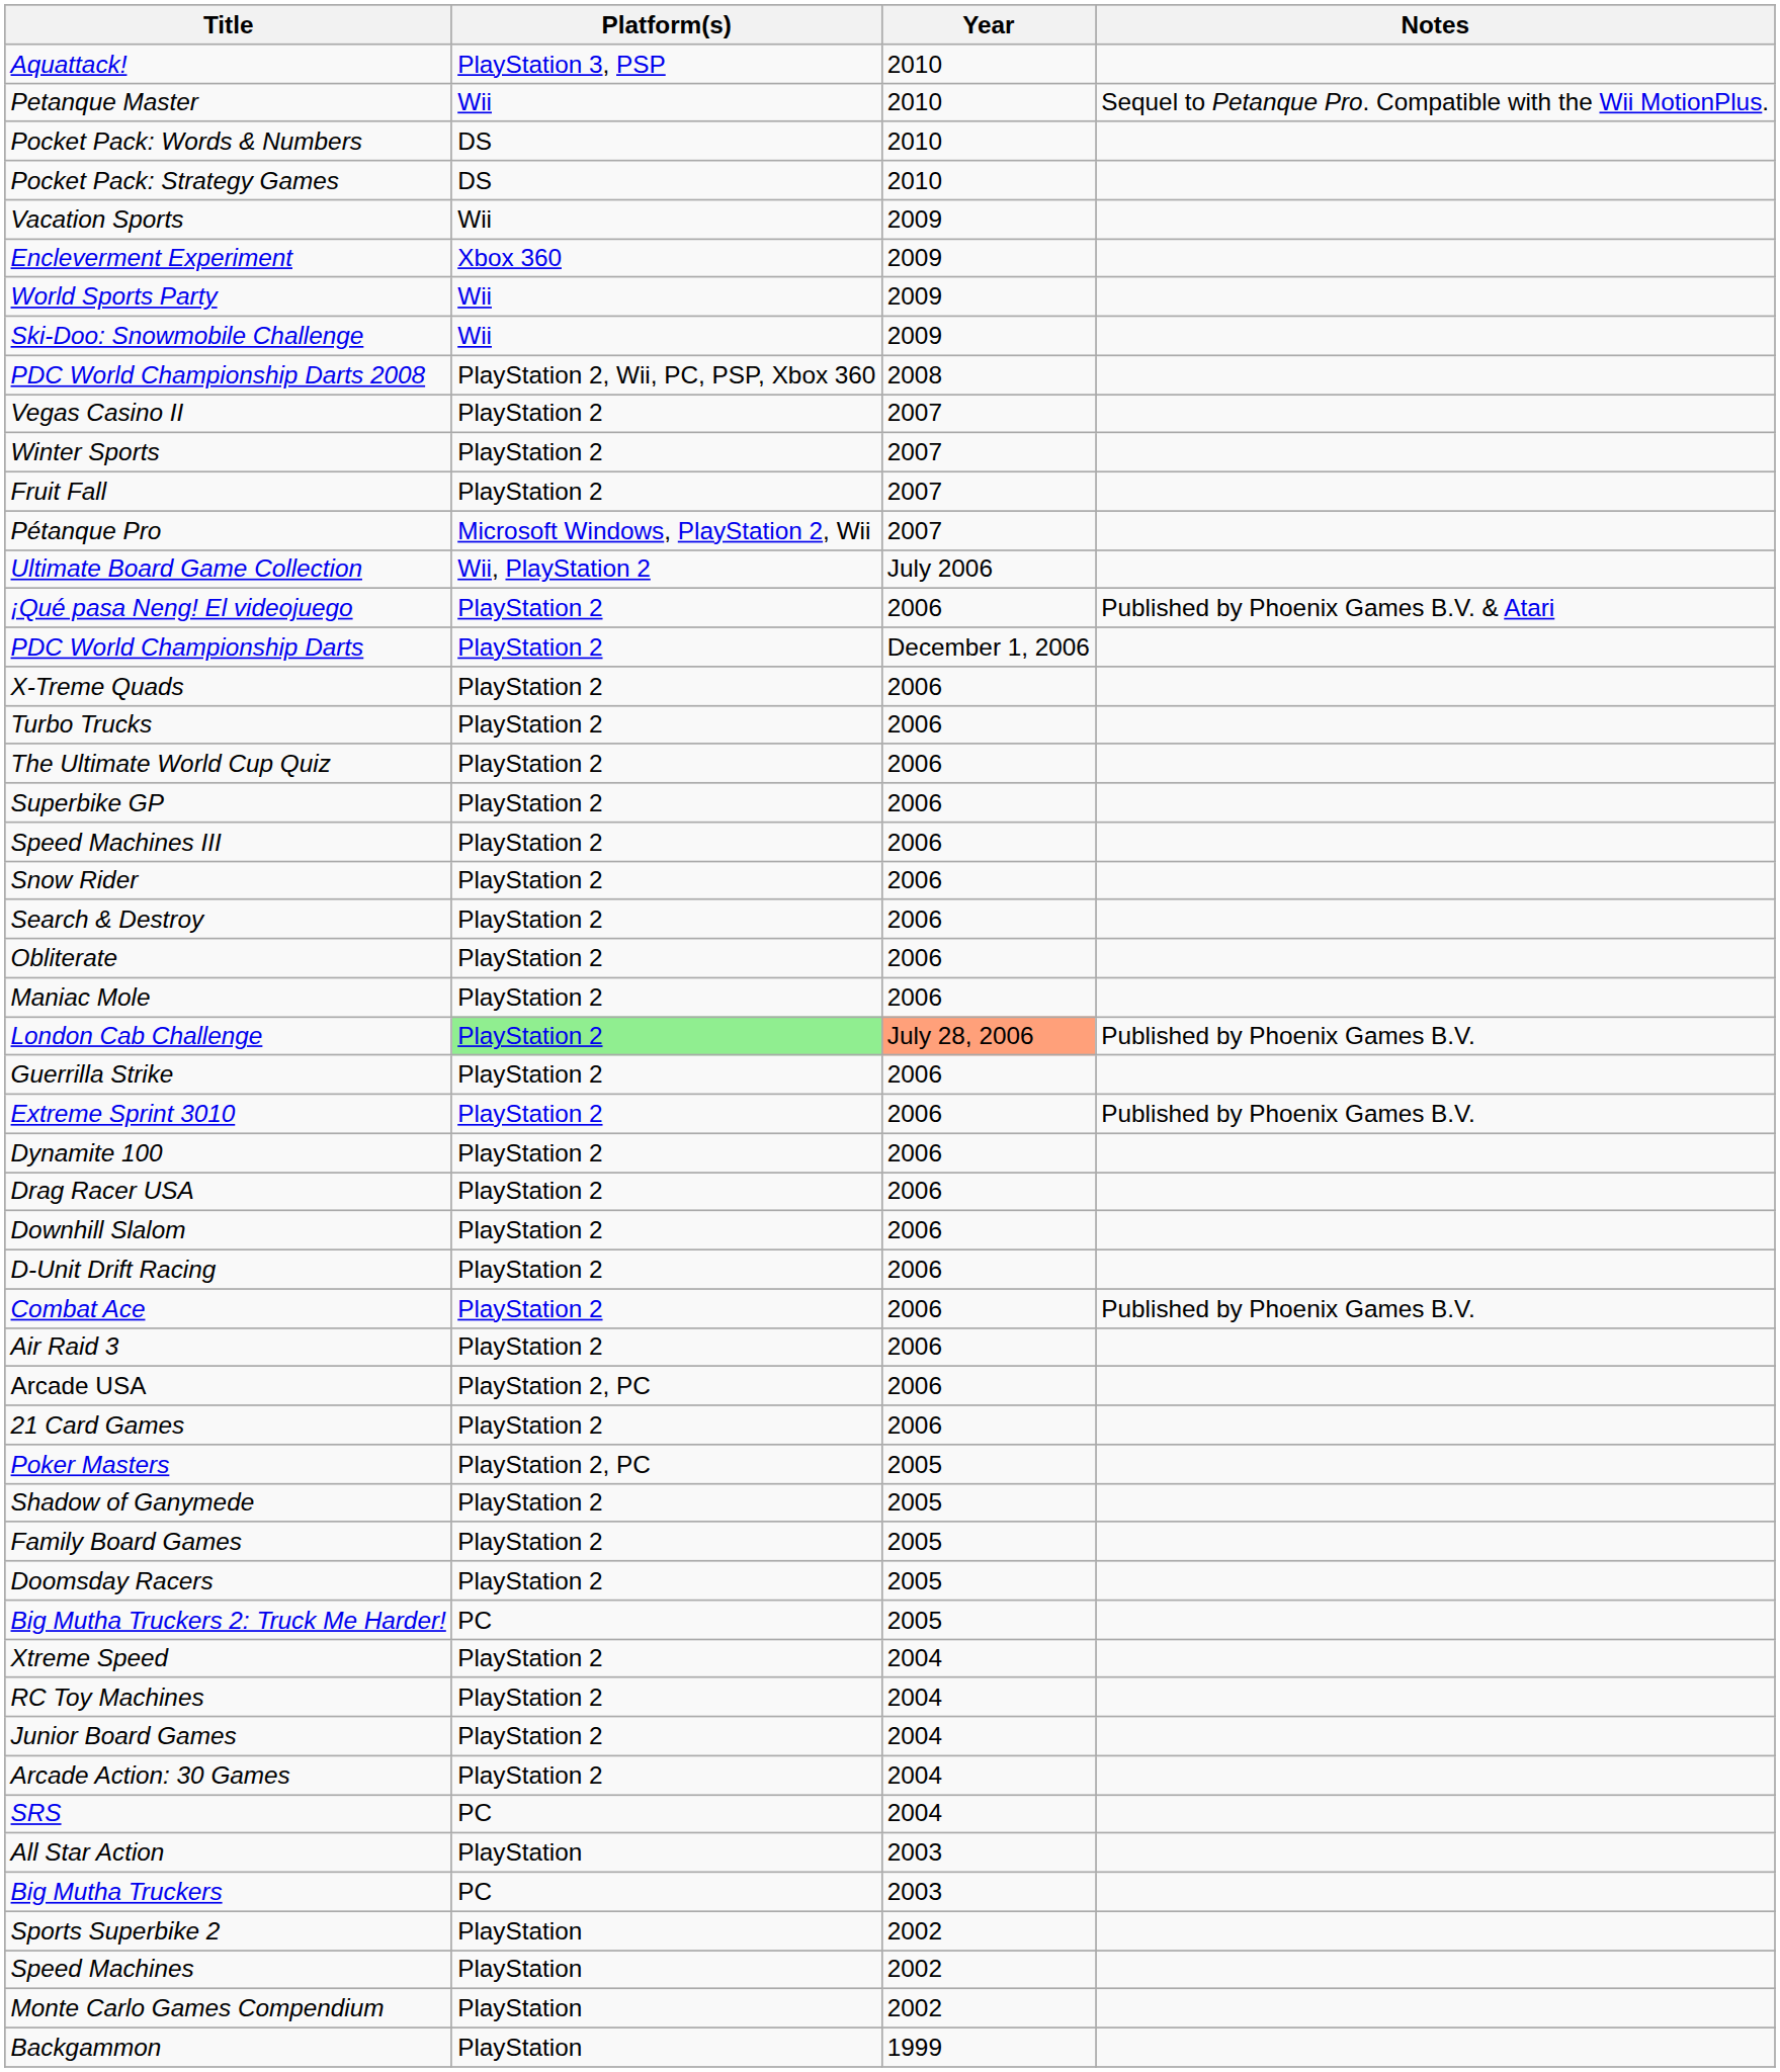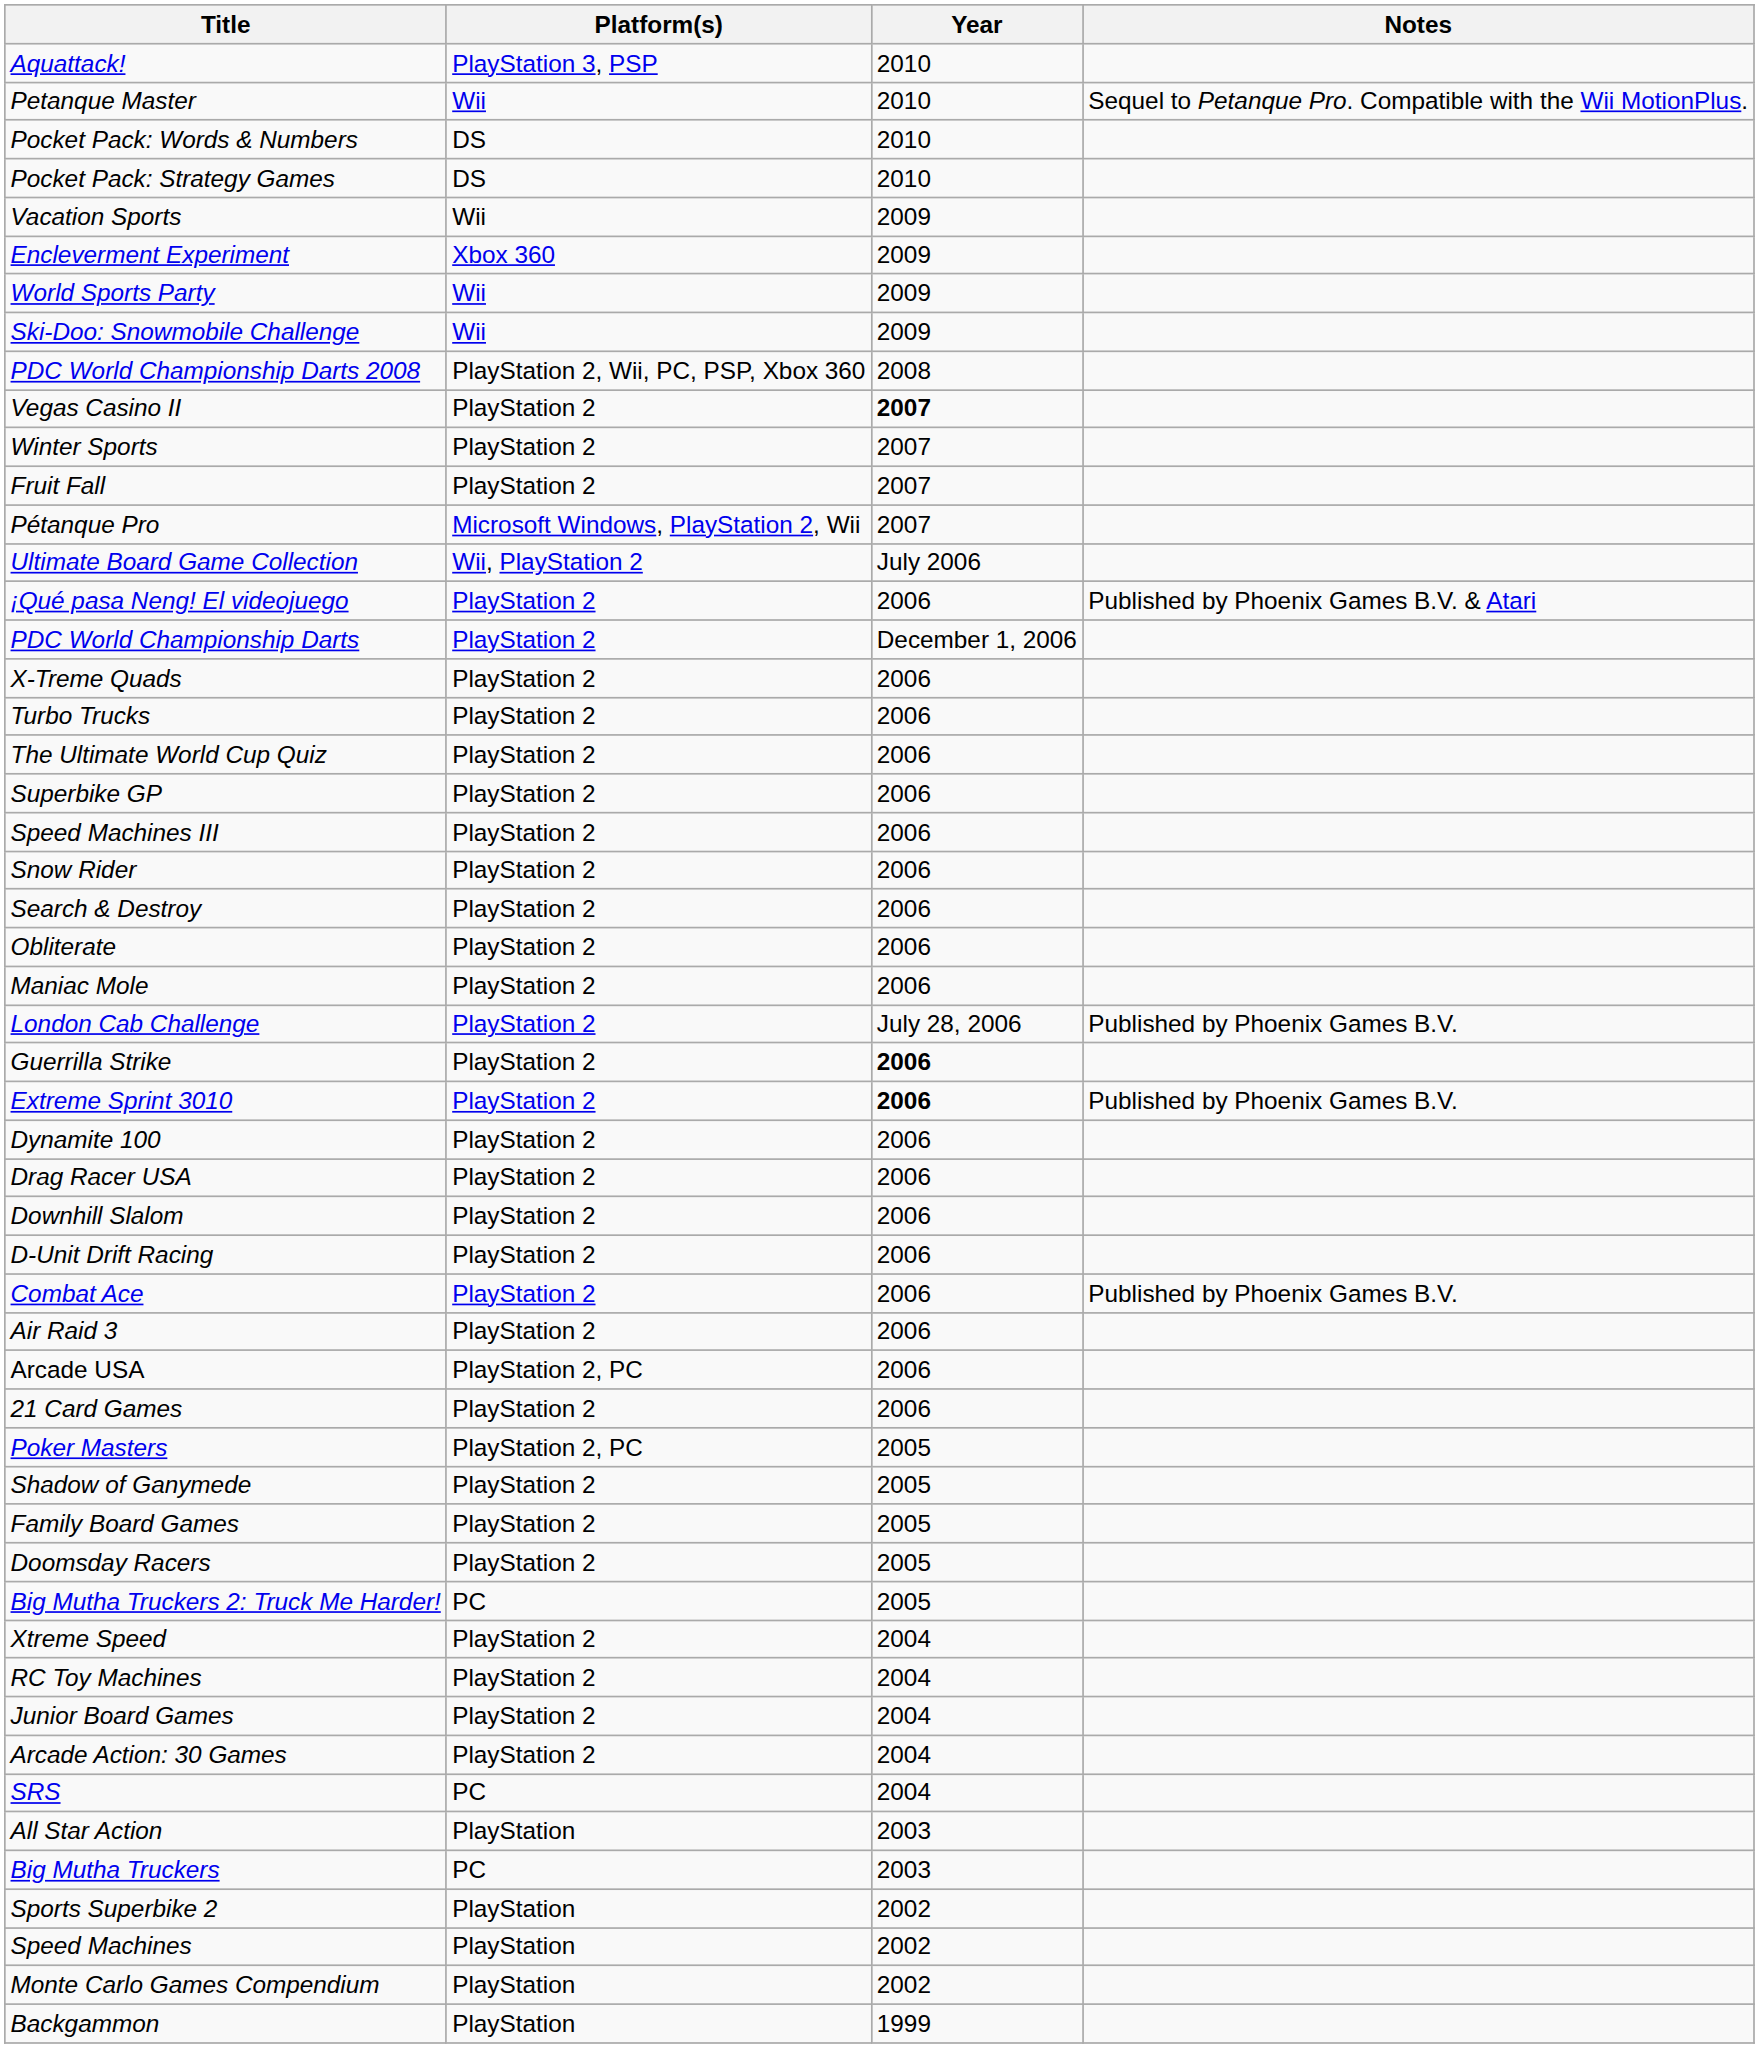 <table class="wikitable sortable" style="font-size: 90%;">
 <tr>
 <th>Title</th>
 <th>Platform(s)</th>
 <th>Year</th>
 <th>Notes</th>
 </tr>
 <tr>
 <td><em><a href='#'>Aquattack!</a></em></td>
 <td><a href='#'>PlayStation 3</a>, <a href='#'>PSP</a></td>
 <td>2010</td>
 <td></td>
 </tr>
 <tr>
 <td><em>Petanque Master</em></td>
 <td><a href='#'>Wii</a></td>
 <td>2010</td>
 <td>Sequel to <em>Petanque Pro</em>.  Compatible with the <a href='#'>Wii MotionPlus</a>.</td>
 </tr>
 <tr>
 <td><em>Pocket Pack: Words & Numbers</em></td>
 <td>DS</td>
 <td>2010</td>
 <td></td>
 </tr>
 <tr>
 <td><em>Pocket Pack: Strategy Games</em></td>
 <td>DS</td>
 <td>2010</td>
 <td></td>
 </tr>
 <tr>
 <td><em>Vacation Sports</em></td>
 <td>Wii</td>
 <td>2009</td>
 <td></td>
 </tr>
 <tr>
 <td><em><a href='#'>Encleverment Experiment</a></em></td>
 <td><a href='#'>Xbox 360</a></td>
 <td>2009</td>
 <td></td>
 </tr>
 <tr>
 <td><em><a href='#'>World Sports Party</a></em></td>
 <td><a href='#'>Wii</a></td>
 <td>2009</td>
 <td></td>
 </tr>
 <tr>
 <td><em><a href='#'>Ski-Doo: Snowmobile Challenge</a></em></td>
 <td><a href='#'>Wii</a></td>
 <td>2009</td>
 <td></td>
 </tr>
 <tr>
 <td><em><a href='#'>PDC World Championship Darts 2008</a></em></td>
 <td>PlayStation 2, Wii, PC, PSP, Xbox 360</td>
 <td>2008</td>
 <td></td>
 </tr>
 <tr>
 <td><em>Vegas Casino II</em></td>
 <td>PlayStation 2</td>
-<td>2007</td>
+<td><strong>2007</strong></td>
 <td></td>
 </tr>
 <tr>
 <td><em>Winter Sports</em></td>
 <td>PlayStation 2</td>
 <td>2007</td>
 <td></td>
 </tr>
 <tr>
 <td><em>Fruit Fall</em></td>
 <td>PlayStation 2</td>
 <td>2007</td>
 <td></td>
 </tr>
 <tr>
 <td><em>Pétanque Pro</em></td>
 <td><a href='#'>Microsoft Windows</a>, <a href='#'>PlayStation 2</a>, Wii</td>
 <td>2007</td>
 <td></td>
 </tr>
 <tr>
 <td><em><a href='#'>Ultimate Board Game Collection</a></em></td>
 <td><a href='#'>Wii</a>, <a href='#'>PlayStation 2</a></td>
 <td>July 2006</td>
 <td></td>
 </tr>
 <tr>
 <td><em><a href='#'>¡Qué pasa Neng! El videojuego</a></em></td>
 <td><a href='#'>PlayStation 2</a></td>
 <td>2006</td>
 <td>Published by Phoenix Games B.V. & <a href='#'>Atari</a></td>
 </tr>
 <tr>
 <td><em><a href='#'>PDC World Championship Darts</a></em></td>
 <td><a href='#'>PlayStation 2</a></td>
 <td>December 1, 2006</td>
 <td></td>
 </tr>
 <tr>
 <td><em>X-Treme Quads</em></td>
 <td>PlayStation 2</td>
 <td>2006</td>
 <td></td>
 </tr>
 <tr>
 <td><em>Turbo Trucks</em></td>
 <td>PlayStation 2</td>
 <td>2006</td>
 <td></td>
 </tr>
 <tr>
 <td><em>The Ultimate World Cup Quiz</em></td>
 <td>PlayStation 2</td>
 <td>2006</td>
 <td></td>
 </tr>
 <tr>
 <td><em>Superbike GP</em></td>
 <td>PlayStation 2</td>
 <td>2006</td>
 <td></td>
 </tr>
 <tr>
 <td><em>Speed Machines III</em></td>
 <td>PlayStation 2</td>
 <td>2006</td>
 <td></td>
 </tr>
 <tr>
 <td><em>Snow Rider</em></td>
 <td>PlayStation 2</td>
 <td>2006</td>
 <td></td>
 </tr>
 <tr>
 <td><em>Search & Destroy</em></td>
 <td>PlayStation 2</td>
 <td>2006</td>
 <td></td>
 </tr>
 <tr>
 <td><em>Obliterate</em></td>
 <td>PlayStation 2</td>
 <td>2006</td>
 <td></td>
 </tr>
 <tr>
 <td><em>Maniac Mole</em></td>
 <td>PlayStation 2</td>
 <td>2006</td>
 <td></td>
 </tr>
 <tr>
 <td><em><a href='#'>London Cab Challenge</a></em></td>
-<td style="background: lightgreen;"><a href='#'>PlayStation 2</a></td>
-<td style="background: lightsalmon;">July 28, 2006</td>
+<td><a href='#'>PlayStation 2</a></td>
+<td>July 28, 2006</td>
 <td>Published by Phoenix Games B.V.</td>
 </tr>
 <tr>
 <td><em>Guerrilla Strike</em></td>
 <td>PlayStation 2</td>
-<td>2006</td>
+<td><strong>2006</strong></td>
 <td></td>
 </tr>
 <tr>
 <td><em><a href='#'>Extreme Sprint 3010</a></em></td>
 <td><a href='#'>PlayStation 2</a></td>
-<td>2006</td>
+<td><strong>2006</strong></td>
 <td>Published by Phoenix Games B.V.</td>
 </tr>
 <tr>
 <td><em>Dynamite 100</em></td>
 <td>PlayStation 2</td>
 <td>2006</td>
 <td></td>
 </tr>
 <tr>
 <td><em>Drag Racer USA</em></td>
 <td>PlayStation 2</td>
 <td>2006</td>
 <td></td>
 </tr>
 <tr>
 <td><em>Downhill Slalom</em></td>
 <td>PlayStation 2</td>
 <td>2006</td>
 <td></td>
 </tr>
 <tr>
 <td><em>D-Unit Drift Racing</em></td>
 <td>PlayStation 2</td>
 <td>2006</td>
 <td></td>
 </tr>
 <tr>
 <td><em><a href='#'>Combat Ace</a></em></td>
 <td><a href='#'>PlayStation 2</a></td>
 <td>2006</td>
 <td>Published by Phoenix Games B.V.</td>
 </tr>
 <tr>
 <td><em>Air Raid 3</em></td>
 <td>PlayStation 2</td>
 <td>2006</td>
 <td></td>
 </tr>
 <tr>
 <td>Arcade USA</td>
 <td>PlayStation 2, PC</td>
 <td>2006</td>
 <td></td>
 </tr>
 <tr>
 <td><em>21 Card Games</em></td>
 <td>PlayStation 2</td>
 <td>2006</td>
 <td></td>
 </tr>
 <tr>
 <td><em><a href='#'>Poker Masters</a></em></td>
 <td>PlayStation 2, PC</td>
 <td>2005</td>
 <td></td>
 </tr>
 <tr>
 <td><em>Shadow of Ganymede</em></td>
 <td>PlayStation 2</td>
 <td>2005</td>
 <td></td>
 </tr>
 <tr>
 <td><em>Family Board Games</em></td>
 <td>PlayStation 2</td>
 <td>2005</td>
 <td></td>
 </tr>
 <tr>
 <td><em>Doomsday Racers</em></td>
 <td>PlayStation 2</td>
 <td>2005</td>
 <td></td>
 </tr>
 <tr>
 <td><em><a href='#'>Big Mutha Truckers 2: Truck Me Harder!</a></em></td>
 <td>PC</td>
 <td>2005</td>
 <td></td>
 </tr>
 <tr>
 <td><em>Xtreme Speed</em></td>
 <td>PlayStation 2</td>
 <td>2004</td>
 <td></td>
 </tr>
 <tr>
 <td><em>RC Toy Machines</em></td>
 <td>PlayStation 2</td>
 <td>2004</td>
 <td></td>
 </tr>
 <tr>
 <td><em>Junior Board Games</em></td>
 <td>PlayStation 2</td>
 <td>2004</td>
 <td></td>
 </tr>
 <tr>
 <td><em>Arcade Action: 30 Games</em></td>
 <td>PlayStation 2</td>
 <td>2004</td>
 <td></td>
 </tr>
 <tr>
 <td><a href='#'><em>SRS</em></a></td>
 <td>PC</td>
 <td>2004</td>
 <td></td>
 </tr>
 <tr>
 <td><em>All Star Action</em></td>
 <td>PlayStation</td>
 <td>2003</td>
 <td></td>
 </tr>
 <tr>
 <td><em><a href='#'>Big Mutha Truckers</a></em></td>
 <td>PC</td>
 <td>2003</td>
 <td></td>
 </tr>
 <tr>
 <td><em>Sports Superbike 2</em></td>
 <td>PlayStation</td>
 <td>2002</td>
 <td></td>
 </tr>
 <tr>
 <td><em>Speed Machines</em></td>
 <td>PlayStation</td>
 <td>2002</td>
 <td></td>
 </tr>
 <tr>
 <td><em>Monte Carlo Games Compendium</em></td>
 <td>PlayStation</td>
 <td>2002</td>
 <td></td>
 </tr>
 <tr>
 <td><em>Backgammon</em></td>
 <td>PlayStation</td>
 <td>1999</td>
 <td></td>
 </tr>
 </table>
